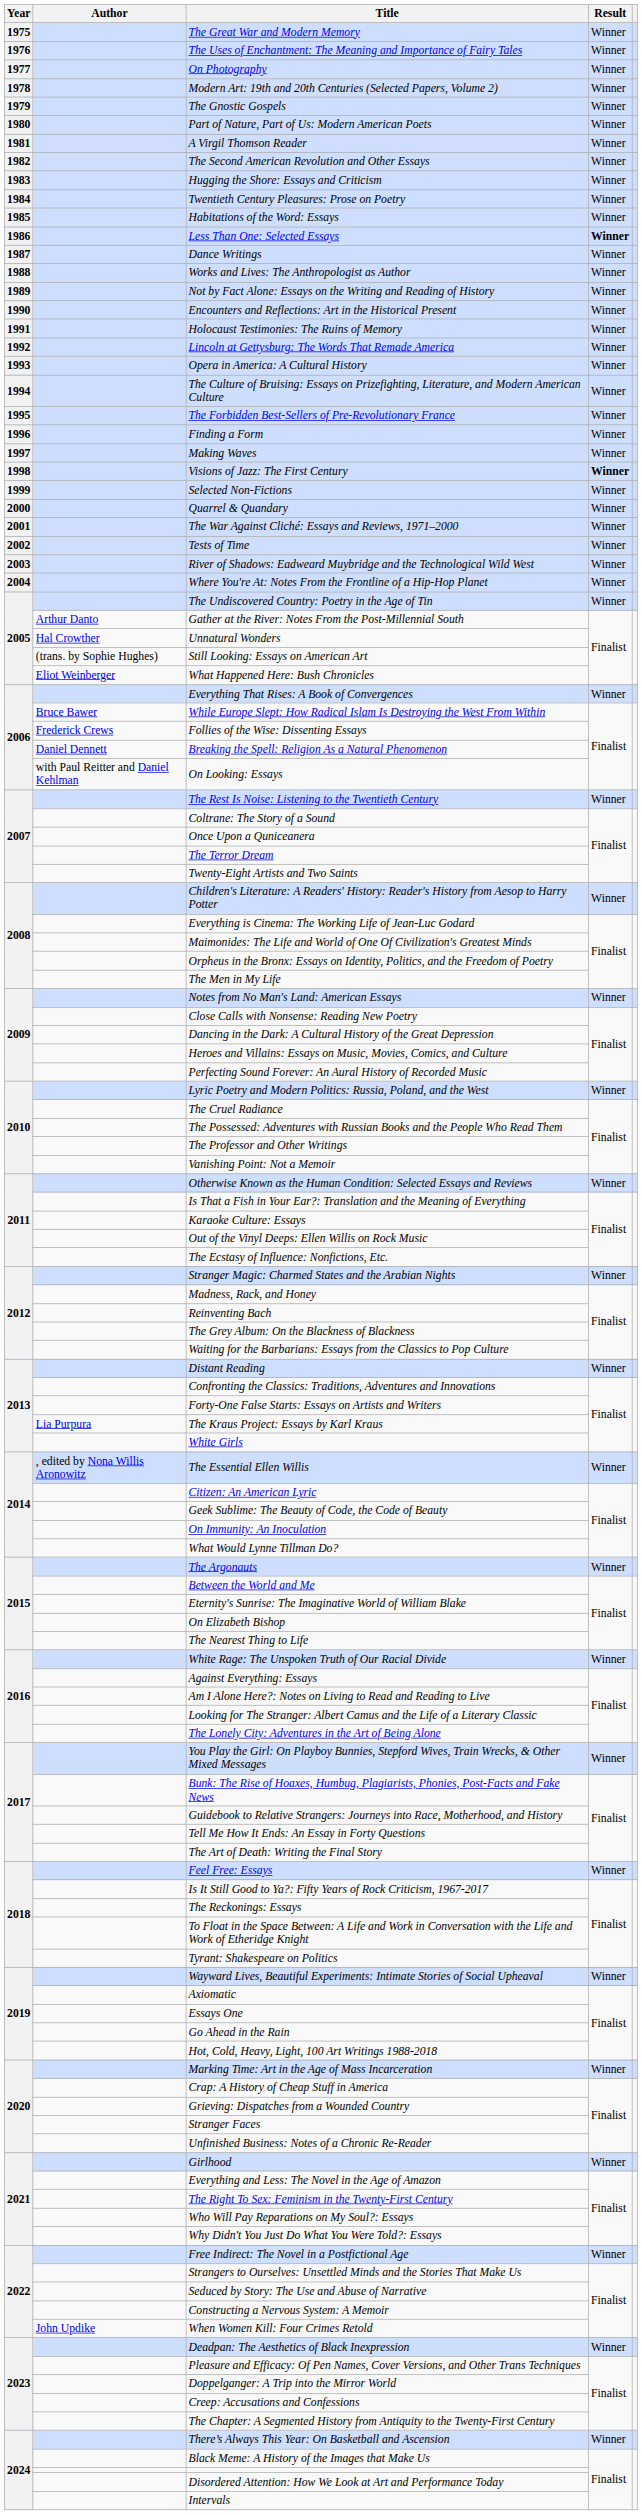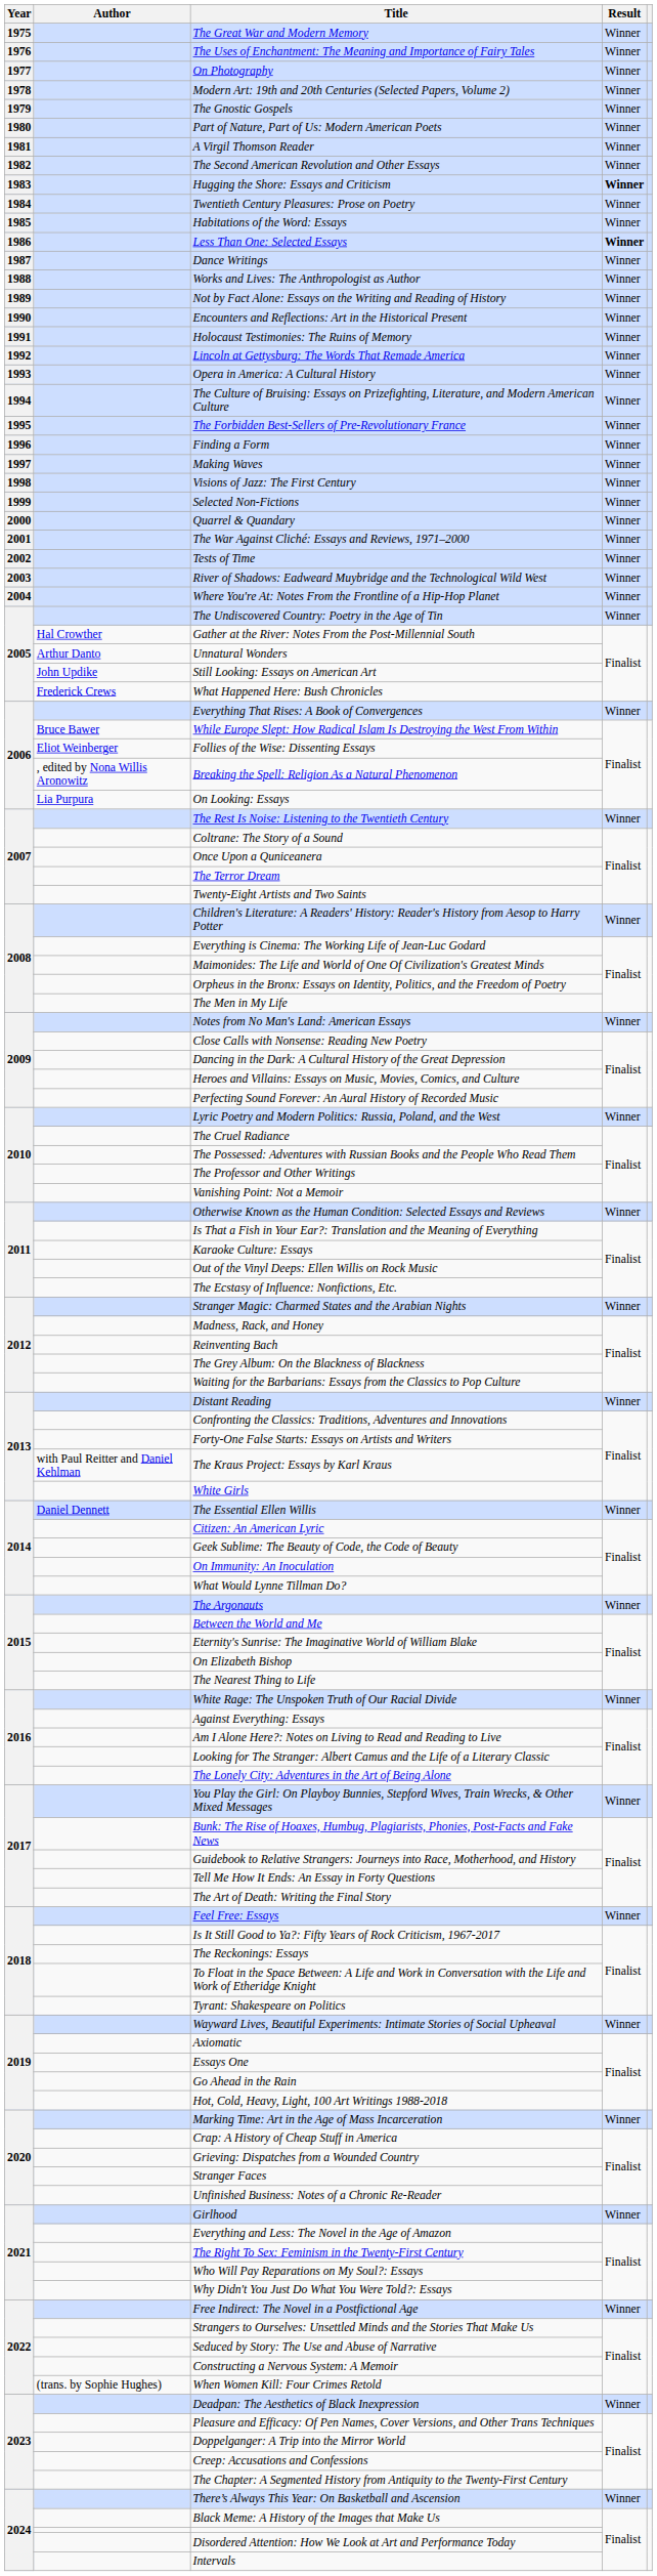 <table class="wikitable sortable">
 <tr>
 <th scope="col">Year</th>
 <th scope="col">Author</th>
 <th scope="col">Title</th>
 <th scope="col">Result</th>
 <th scope="col"></th>
 </tr>
 <tr style="background:#cddeff">
 <th>1975</th>
 <td></td>
 <td><em><a href='#'>The Great War and Modern Memory</a></em></td>
 <td>Winner</td>
 <td></td>
 </tr>
 <tr style="background:#cddeff">
 <th>1976</th>
 <td></td>
 <td><em><a href='#'>The Uses of Enchantment: The Meaning and Importance of Fairy Tales</a></em></td>
 <td>Winner</td>
 <td></td>
 </tr>
 <tr style="background:#cddeff">
 <th>1977</th>
 <td></td>
 <td><em><a href='#'>On Photography</a></em></td>
 <td>Winner</td>
 <td></td>
 </tr>
 <tr style="background:#cddeff">
 <th>1978</th>
 <td></td>
 <td><em>Modern Art: 19th and 20th Centuries (Selected Papers, Volume 2)</em></td>
 <td>Winner</td>
 <td></td>
 </tr>
 <tr style="background:#cddeff">
 <th>1979</th>
 <td></td>
 <td><em>The Gnostic Gospels</em></td>
 <td>Winner</td>
 <td></td>
 </tr>
 <tr style="background:#cddeff">
 <th>1980</th>
 <td></td>
 <td><em>Part of Nature, Part of Us: Modern American Poets</em></td>
 <td>Winner</td>
 <td></td>
 </tr>
 <tr style="background:#cddeff">
 <th>1981</th>
 <td></td>
 <td><em>A Virgil Thomson Reader</em></td>
 <td>Winner</td>
 <td></td>
 </tr>
 <tr style="background:#cddeff">
 <th>1982</th>
 <td></td>
 <td><em>The Second American Revolution and Other Essays</em></td>
 <td>Winner</td>
 <td></td>
 </tr>
 <tr style="background:#cddeff">
 <th>1983</th>
 <td></td>
 <td><em>Hugging the Shore: Essays and Criticism</em></td>
-<td>Winner</td>
+<td><strong>Winner</strong></td>
 <td></td>
 </tr>
 <tr style="background:#cddeff">
 <th>1984</th>
 <td></td>
 <td><em>Twentieth Century Pleasures: Prose on Poetry</em></td>
 <td>Winner</td>
 <td></td>
 </tr>
 <tr style="background:#cddeff">
 <th>1985</th>
 <td></td>
 <td><em>Habitations of the Word: Essays</em></td>
 <td>Winner</td>
 <td></td>
 </tr>
 <tr style="background:#cddeff">
 <th>1986</th>
 <td></td>
 <td><em><a href='#'>Less Than One: Selected Essays</a></em></td>
 <td><strong>Winner</strong></td>
 <td></td>
 </tr>
 <tr style="background:#cddeff">
 <th>1987</th>
 <td></td>
 <td><em>Dance Writings</em></td>
 <td>Winner</td>
 <td></td>
 </tr>
 <tr style="background:#cddeff">
 <th>1988</th>
 <td></td>
 <td><em>Works and Lives: The Anthropologist as Author</em></td>
 <td>Winner</td>
 <td></td>
 </tr>
 <tr style="background:#cddeff">
 <th>1989</th>
 <td></td>
 <td><em>Not by Fact Alone: Essays on the Writing and Reading of History</em></td>
 <td>Winner</td>
 <td></td>
 </tr>
 <tr style="background:#cddeff">
 <th>1990</th>
 <td></td>
 <td><em>Encounters and Reflections: Art in the Historical Present</em></td>
 <td>Winner</td>
 <td></td>
 </tr>
 <tr style="background:#cddeff">
 <th>1991</th>
 <td></td>
 <td><em>Holocaust Testimonies: The Ruins of Memory</em></td>
 <td>Winner</td>
 <td></td>
 </tr>
 <tr style="background:#cddeff">
 <th>1992</th>
 <td></td>
 <td><em><a href='#'>Lincoln at Gettysburg: The Words That Remade America</a></em></td>
 <td>Winner</td>
 <td></td>
 </tr>
 <tr style="background:#cddeff">
 <th>1993</th>
 <td></td>
 <td><em>Opera in America: A Cultural History</em></td>
 <td>Winner</td>
 <td></td>
 </tr>
 <tr style="background:#cddeff">
 <th>1994</th>
 <td></td>
 <td><em>The Culture of Bruising: Essays on Prizefighting, Literature, and Modern American Culture</em></td>
 <td>Winner</td>
 <td></td>
 </tr>
 <tr style="background:#cddeff">
 <th>1995</th>
 <td></td>
 <td><em><a href='#'>The Forbidden Best-Sellers of Pre-Revolutionary France</a></em></td>
 <td>Winner</td>
 <td></td>
 </tr>
 <tr style="background:#cddeff">
 <th>1996</th>
 <td></td>
 <td><em>Finding a Form</em></td>
 <td>Winner</td>
 <td></td>
 </tr>
 <tr style="background:#cddeff">
 <th>1997</th>
 <td></td>
 <td><em>Making Waves</em></td>
 <td>Winner</td>
 <td></td>
 </tr>
 <tr style="background:#cddeff">
 <th>1998</th>
 <td></td>
 <td><em>Visions of Jazz: The First Century</em></td>
-<td><strong>Winner</strong></td>
+<td>Winner</td>
 <td></td>
 </tr>
 <tr style="background:#cddeff">
 <th>1999</th>
 <td></td>
 <td><em>Selected Non-Fictions</em></td>
 <td>Winner</td>
 <td></td>
 </tr>
 <tr style="background:#cddeff">
 <th>2000</th>
 <td></td>
 <td><em>Quarrel & Quandary</em></td>
 <td>Winner</td>
 <td></td>
 </tr>
 <tr style="background:#cddeff">
 <th>2001</th>
 <td></td>
 <td><em>The War Against Cliché: Essays and Reviews, 1971–2000</em></td>
 <td>Winner</td>
 <td></td>
 </tr>
 <tr style="background:#cddeff">
 <th>2002</th>
 <td></td>
 <td><em>Tests of Time</em></td>
 <td>Winner</td>
 <td></td>
 </tr>
 <tr style="background:#cddeff">
 <th>2003</th>
 <td></td>
 <td><em>River of Shadows: Eadweard Muybridge and the Technological Wild West</em></td>
 <td>Winner</td>
 <td></td>
 </tr>
 <tr style="background:#cddeff">
 <th>2004</th>
 <td></td>
 <td><em>Where You're At: Notes From the Frontline of a Hip-Hop Planet</em></td>
 <td>Winner</td>
 <td></td>
 </tr>
 <tr style="background:#cddeff">
 <th rowspan="5">2005</th>
 <td></td>
 <td><em>The Undiscovered Country: Poetry in the Age of Tin</em></td>
 <td>Winner</td>
 <td></td>
 </tr>
 <tr>
-<td><a href='#'>Arthur Danto</a></td>
+<td><a href='#'>Hal Crowther</a></td>
 <td><em>Gather at the River: Notes From the Post-Millennial South</em></td>
 <td rowspan="4">Finalist</td>
 <td rowspan="4"></td>
 </tr>
 <tr>
-<td><a href='#'>Hal Crowther</a></td>
+<td><a href='#'>Arthur Danto</a></td>
 <td><em>Unnatural Wonders</em></td>
 </tr>
 <tr>
-<td> (trans. by Sophie Hughes)</td>
+<td><a href='#'>John Updike</a></td>
 <td><em>Still Looking: Essays on American Art</em></td>
 </tr>
 <tr>
-<td><a href='#'>Eliot Weinberger</a></td>
+<td><a href='#'>Frederick Crews</a></td>
 <td><em>What Happened Here: Bush Chronicles</em></td>
 </tr>
 <tr style="background:#cddeff">
 <th rowspan="5">2006</th>
 <td></td>
 <td><em>Everything That Rises: A Book of Convergences</em></td>
 <td>Winner</td>
 <td></td>
 </tr>
 <tr>
 <td><a href='#'>Bruce Bawer</a></td>
 <td><em><a href='#'>While Europe Slept: How Radical Islam Is Destroying the West From Within</a></em></td>
 <td rowspan="4">Finalist</td>
 <td rowspan="4"></td>
 </tr>
 <tr>
-<td><a href='#'>Frederick Crews</a></td>
+<td><a href='#'>Eliot Weinberger</a></td>
 <td><em>Follies of the Wise: Dissenting Essays</em></td>
 </tr>
 <tr>
-<td><a href='#'>Daniel Dennett</a></td>
+<td>, edited by <a href='#'>Nona Willis Aronowitz</a></td>
 <td><em><a href='#'>Breaking the Spell: Religion As a Natural Phenomenon</a></em></td>
 </tr>
 <tr>
-<td> with Paul Reitter and <a href='#'>Daniel Kehlman</a></td>
+<td><a href='#'>Lia Purpura</a></td>
 <td><em>On Looking: Essays</em></td>
 </tr>
 <tr style="background:#cddeff">
 <th rowspan="5">2007</th>
 <td></td>
 <td><em><a href='#'>The Rest Is Noise: Listening to the Twentieth Century</a></em></td>
 <td>Winner</td>
 <td></td>
 </tr>
 <tr>
 <td></td>
 <td><em>Coltrane: The Story of a Sound</em></td>
 <td rowspan="4">Finalist</td>
 <td rowspan="4"></td>
 </tr>
 <tr>
 <td></td>
 <td><em>Once Upon a Quniceanera</em></td>
 </tr>
 <tr>
 <td></td>
 <td><em><a href='#'>The Terror Dream</a></em></td>
 </tr>
 <tr>
 <td></td>
 <td><em>Twenty-Eight Artists and Two Saints</em></td>
 </tr>
 <tr style="background:#cddeff">
 <th rowspan="5">2008</th>
 <td></td>
 <td><em>Children's Literature: A Readers' History: Reader's History from Aesop to Harry Potter</em></td>
 <td>Winner</td>
 <td></td>
 </tr>
 <tr>
 <td></td>
 <td><em>Everything is Cinema: The Working Life of Jean-Luc Godard</em></td>
 <td rowspan="4">Finalist</td>
 <td rowspan="4"></td>
 </tr>
 <tr>
 <td></td>
 <td><em>Maimonides: The Life and World of One Of Civilization's Greatest Minds</em></td>
 </tr>
 <tr>
 <td></td>
 <td><em>Orpheus in the Bronx: Essays on Identity, Politics, and the Freedom of Poetry</em></td>
 </tr>
 <tr>
 <td></td>
 <td><em>The Men in My Life</em></td>
 </tr>
 <tr style="background:#cddeff">
 <th rowspan="5">2009</th>
 <td></td>
 <td><em>Notes from No Man's Land: American Essays</em></td>
 <td>Winner</td>
 <td></td>
 </tr>
 <tr>
 <td></td>
 <td><em>Close Calls with Nonsense: Reading New Poetry</em></td>
 <td rowspan="4">Finalist</td>
 <td rowspan="4"></td>
 </tr>
 <tr>
 <td></td>
 <td><em>Dancing in the Dark: A Cultural History of the Great Depression</em></td>
 </tr>
 <tr>
 <td></td>
 <td><em>Heroes and Villains: Essays on Music, Movies, Comics, and Culture</em></td>
 </tr>
 <tr>
 <td></td>
 <td><em>Perfecting Sound Forever: An Aural History of Recorded Music</em></td>
 </tr>
 <tr style="background:#cddeff">
 <th rowspan="5">2010</th>
 <td></td>
 <td><em>Lyric Poetry and Modern Politics: Russia, Poland, and the West</em></td>
 <td>Winner</td>
 <td></td>
 </tr>
 <tr>
 <td></td>
 <td><em>The Cruel Radiance</em></td>
 <td rowspan="4">Finalist</td>
 <td rowspan="4"></td>
 </tr>
 <tr>
 <td></td>
 <td><em>The Possessed: Adventures with Russian Books and the People Who Read Them</em></td>
 </tr>
 <tr>
 <td></td>
 <td><em>The Professor and Other Writings</em></td>
 </tr>
 <tr>
 <td></td>
 <td><em>Vanishing Point: Not a Memoir</em></td>
 </tr>
 <tr style="background:#cddeff">
 <th rowspan="5">2011</th>
 <td></td>
 <td><em>Otherwise Known as the Human Condition: Selected Essays and Reviews</em></td>
 <td>Winner</td>
 <td></td>
 </tr>
 <tr>
 <td></td>
 <td><em>Is That a Fish in Your Ear?: Translation and the Meaning of Everything</em></td>
 <td rowspan="4">Finalist</td>
 <td rowspan="4"></td>
 </tr>
 <tr>
 <td></td>
 <td><em>Karaoke Culture: Essays</em></td>
 </tr>
 <tr>
 <td></td>
 <td><em>Out of the Vinyl Deeps: Ellen Willis on Rock Music</em></td>
 </tr>
 <tr>
 <td></td>
 <td><em>The Ecstasy of Influence: Nonfictions, Etc.</em></td>
 </tr>
 <tr style="background:#cddeff">
 <th rowspan="5">2012</th>
 <td></td>
 <td><em>Stranger Magic: Charmed States and the Arabian Nights</em></td>
 <td>Winner</td>
 <td></td>
 </tr>
 <tr>
 <td></td>
 <td><em>Madness, Rack, and Honey</em></td>
 <td rowspan="4">Finalist</td>
 <td rowspan="4"></td>
 </tr>
 <tr>
 <td></td>
 <td><em>Reinventing Bach</em></td>
 </tr>
 <tr>
 <td></td>
 <td><em>The Grey Album: On the Blackness of Blackness</em></td>
 </tr>
 <tr>
 <td></td>
 <td><em>Waiting for the Barbarians: Essays from the Classics to Pop Culture</em></td>
 </tr>
 <tr style="background:#cddeff">
 <th rowspan="5">2013</th>
 <td></td>
 <td><em>Distant Reading</em></td>
 <td>Winner</td>
 <td></td>
 </tr>
 <tr>
 <td></td>
 <td><em>Confronting the Classics: Traditions, Adventures and Innovations</em></td>
 <td rowspan="4">Finalist</td>
 <td rowspan="4"></td>
 </tr>
 <tr>
 <td></td>
 <td><em>Forty-One False Starts: Essays on Artists and Writers</em></td>
 </tr>
 <tr>
-<td><a href='#'>Lia Purpura</a></td>
+<td> with Paul Reitter and <a href='#'>Daniel Kehlman</a></td>
 <td><em>The Kraus Project: Essays by Karl Kraus</em></td>
 </tr>
 <tr>
 <td></td>
 <td><em><a href='#'>White Girls</a></em></td>
 </tr>
 <tr style="background:#cddeff">
 <th rowspan="5">2014</th>
-<td>, edited by <a href='#'>Nona Willis Aronowitz</a></td>
+<td><a href='#'>Daniel Dennett</a></td>
 <td><em>The Essential Ellen Willis</em></td>
 <td>Winner</td>
 <td></td>
 </tr>
 <tr>
 <td></td>
 <td><em><a href='#'>Citizen: An American Lyric</a></em></td>
 <td rowspan="4">Finalist</td>
 <td rowspan="4"></td>
 </tr>
 <tr>
 <td></td>
 <td><em>Geek Sublime: The Beauty of Code, the Code of Beauty</em></td>
 </tr>
 <tr>
 <td></td>
 <td><em><a href='#'>On Immunity: An Inoculation</a></em></td>
 </tr>
 <tr>
 <td></td>
 <td><em>What Would Lynne Tillman Do?</em></td>
 </tr>
 <tr style="background:#cddeff">
 <th rowspan="5">2015</th>
 <td></td>
 <td><em><a href='#'>The Argonauts</a></em></td>
 <td>Winner</td>
 <td></td>
 </tr>
 <tr>
 <td></td>
 <td><em><a href='#'>Between the World and Me</a></em></td>
 <td rowspan="4">Finalist</td>
 <td rowspan="4"></td>
 </tr>
 <tr>
 <td></td>
 <td><em>Eternity's Sunrise: The Imaginative World of William Blake</em></td>
 </tr>
 <tr>
 <td></td>
 <td><em>On Elizabeth Bishop</em></td>
 </tr>
 <tr>
 <td></td>
 <td><em>The Nearest Thing to Life</em></td>
 </tr>
 <tr style="background:#cddeff">
 <th rowspan="5">2016</th>
 <td></td>
 <td><em>White Rage: The Unspoken Truth of Our Racial Divide</em></td>
 <td>Winner</td>
 <td></td>
 </tr>
 <tr>
 <td></td>
 <td><em>Against Everything: Essays</em></td>
 <td rowspan="4">Finalist</td>
 <td rowspan="4"></td>
 </tr>
 <tr>
 <td></td>
 <td><em>Am I Alone Here?: Notes on Living to Read and Reading to Live</em></td>
 </tr>
 <tr>
 <td></td>
 <td><em>Looking for The Stranger: Albert Camus and the Life of a Literary Classic</em></td>
 </tr>
 <tr>
 <td></td>
 <td><em><a href='#'>The Lonely City: Adventures in the Art of Being Alone</a></em></td>
 </tr>
 <tr style="background:#cddeff">
 <th rowspan="5">2017</th>
 <td></td>
 <td><em>You Play the Girl: On Playboy Bunnies, Stepford Wives, Train Wrecks, & Other Mixed Messages</em></td>
 <td>Winner</td>
 <td></td>
 </tr>
 <tr>
 <td></td>
 <td><em><a href='#'>Bunk: The Rise of Hoaxes, Humbug, Plagiarists, Phonies, Post-Facts and Fake News</a></em></td>
 <td rowspan="4">Finalist</td>
 <td rowspan="4"></td>
 </tr>
 <tr>
 <td></td>
 <td><em>Guidebook to Relative Strangers: Journeys into Race, Motherhood, and History</em></td>
 </tr>
 <tr>
 <td></td>
 <td><em>Tell Me How It Ends: An Essay in Forty Questions</em></td>
 </tr>
 <tr>
 <td></td>
 <td><em>The Art of Death: Writing the Final Story</em></td>
 </tr>
 <tr style="background:#cddeff">
 <th rowspan="5">2018</th>
 <td></td>
 <td><em><a href='#'>Feel Free: Essays</a></em></td>
 <td>Winner</td>
 <td></td>
 </tr>
 <tr>
 <td></td>
 <td><em>Is It Still Good to Ya?: Fifty Years of Rock Criticism, 1967-2017</em></td>
 <td rowspan="4">Finalist</td>
 <td rowspan="4"></td>
 </tr>
 <tr>
 <td></td>
 <td><em>The Reckonings: Essays</em></td>
 </tr>
 <tr>
 <td></td>
 <td><em>To Float in the Space Between: A Life and Work in Conversation with the Life and Work of Etheridge Knight</em></td>
 </tr>
 <tr>
 <td></td>
 <td><em>Tyrant: Shakespeare on Politics</em></td>
 </tr>
 <tr style="background:#cddeff">
 <th rowspan="5">2019</th>
 <td></td>
 <td><em>Wayward Lives, Beautiful Experiments: Intimate Stories of Social Upheaval</em></td>
 <td>Winner</td>
 <td></td>
 </tr>
 <tr>
 <td></td>
 <td><em>Axiomatic</em></td>
 <td rowspan="4">Finalist</td>
 <td rowspan="4"></td>
 </tr>
 <tr>
 <td></td>
 <td><em>Essays One</em></td>
 </tr>
 <tr>
 <td></td>
 <td><em>Go Ahead in the Rain</em></td>
 </tr>
 <tr>
 <td></td>
 <td><em>Hot, Cold, Heavy, Light, 100 Art Writings 1988-2018</em></td>
 </tr>
 <tr style="background:#cddeff">
 <th rowspan="5">2020</th>
 <td></td>
 <td><em>Marking Time: Art in the Age of Mass Incarceration</em></td>
 <td>Winner</td>
 <td></td>
 </tr>
 <tr>
 <td></td>
 <td><em>Crap: A History of Cheap Stuff in America</em></td>
 <td rowspan="4">Finalist</td>
 <td rowspan="4"></td>
 </tr>
 <tr>
 <td></td>
 <td><em>Grieving: Dispatches from a Wounded Country</em></td>
 </tr>
 <tr>
 <td></td>
 <td><em>Stranger Faces</em></td>
 </tr>
 <tr>
 <td></td>
 <td><em>Unfinished Business: Notes of a Chronic Re-Reader</em></td>
 </tr>
 <tr style="background:#cddeff">
 <th rowspan="5">2021</th>
 <td></td>
 <td><em>Girlhood</em></td>
 <td>Winner</td>
 <td></td>
 </tr>
 <tr>
 <td></td>
 <td><em>Everything and Less: The Novel in the Age of Amazon</em></td>
 <td rowspan="4">Finalist</td>
 <td rowspan="4"></td>
 </tr>
 <tr>
 <td></td>
 <td><em><a href='#'>The Right To Sex: Feminism in the Twenty-First Century</a></em></td>
 </tr>
 <tr>
 <td></td>
 <td><em>Who Will Pay Reparations on My Soul?: Essays</em></td>
 </tr>
 <tr>
 <td></td>
 <td><em>Why Didn't You Just Do What You Were Told?: Essays</em></td>
 </tr>
 <tr style="background:#cddeff">
 <th rowspan="5">2022</th>
 <td></td>
 <td><em>Free Indirect: The Novel in a Postfictional Age</em></td>
 <td>Winner</td>
 <td></td>
 </tr>
 <tr>
 <td></td>
 <td><em>Strangers to Ourselves: Unsettled Minds and the Stories That Make Us</em></td>
 <td rowspan="4">Finalist</td>
 <td rowspan="4"></td>
 </tr>
 <tr>
 <td></td>
 <td><em>Seduced by Story: The Use and Abuse of Narrative</em></td>
 </tr>
 <tr>
 <td></td>
 <td><em>Constructing a Nervous System: A Memoir</em></td>
 </tr>
 <tr>
-<td><a href='#'>John Updike</a></td>
+<td> (trans. by Sophie Hughes)</td>
 <td><em>When Women Kill: Four Crimes Retold</em></td>
 </tr>
 <tr style="background:#cddeff">
 <th rowspan="5">2023</th>
 <td></td>
 <td><em>Deadpan: The Aesthetics of Black Inexpression</em></td>
 <td>Winner</td>
 <td></td>
 </tr>
 <tr>
 <td></td>
 <td><em>Pleasure and Efficacy: Of Pen Names, Cover Versions, and Other Trans Techniques</em></td>
 <td rowspan="4">Finalist</td>
 <td rowspan="4"></td>
 </tr>
 <tr>
 <td></td>
 <td><em>Doppelganger: A Trip into the Mirror World</em></td>
 </tr>
 <tr>
 <td></td>
 <td><em>Creep: Accusations and Confessions</em></td>
 </tr>
 <tr>
 <td></td>
 <td><em>The Chapter: A Segmented History from Antiquity to the Twenty-First Century</em></td>
 </tr>
 <tr style="background:#cddeff">
 <th rowspan="5">2024</th>
 <td></td>
 <td><em>There’s Always This Year: On Basketball and Ascension</em></td>
 <td>Winner</td>
 <td></td>
 </tr>
 <tr>
 <td></td>
 <td><em>Black Meme: A History of the Images that Make Us</em></td>
 <td rowspan="4">Finalist</td>
 <td rowspan="4"></td>
 </tr>
 <tr>
 <td></td>
 <td><em></em></td>
 </tr>
 <tr>
 <td></td>
 <td><em>Disordered Attention: How We Look at Art and Performance Today</em></td>
 </tr>
 <tr>
 <td></td>
 <td><em>Intervals</em></td>
 </tr>
 </table>
